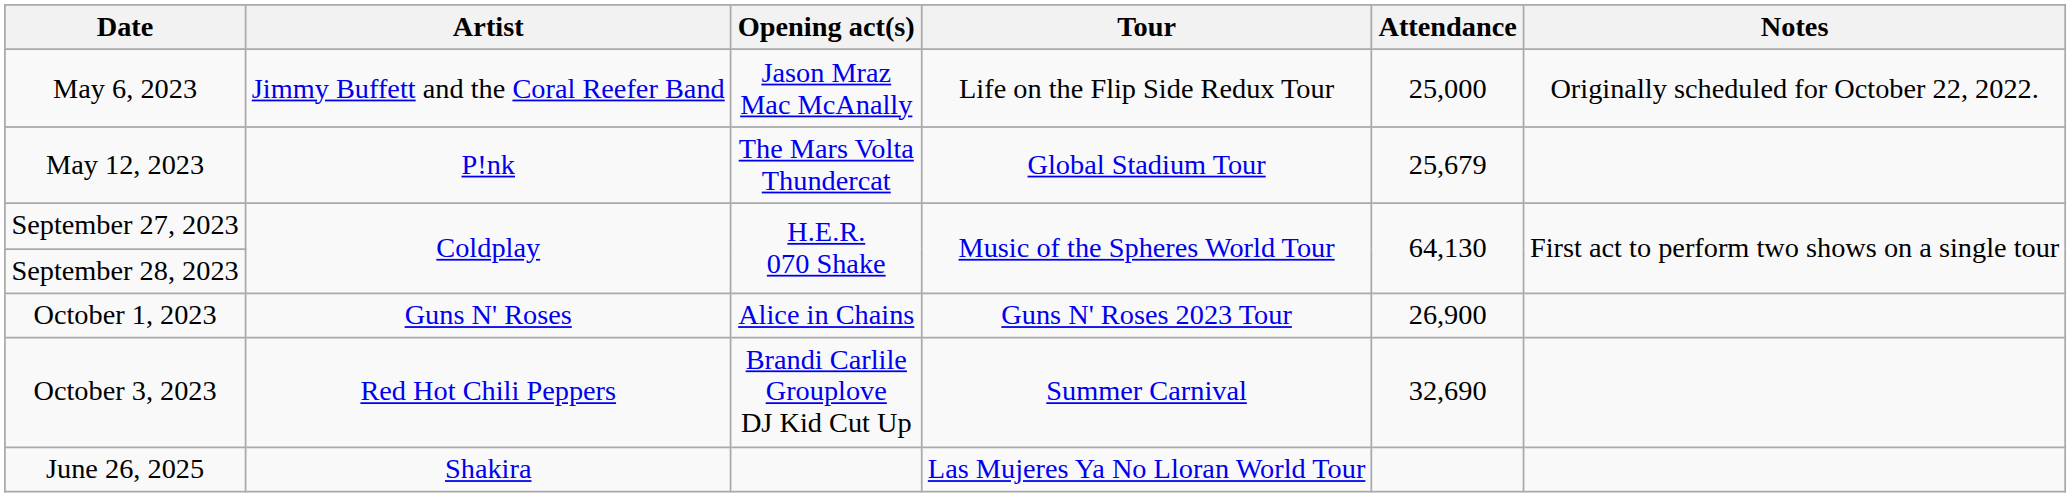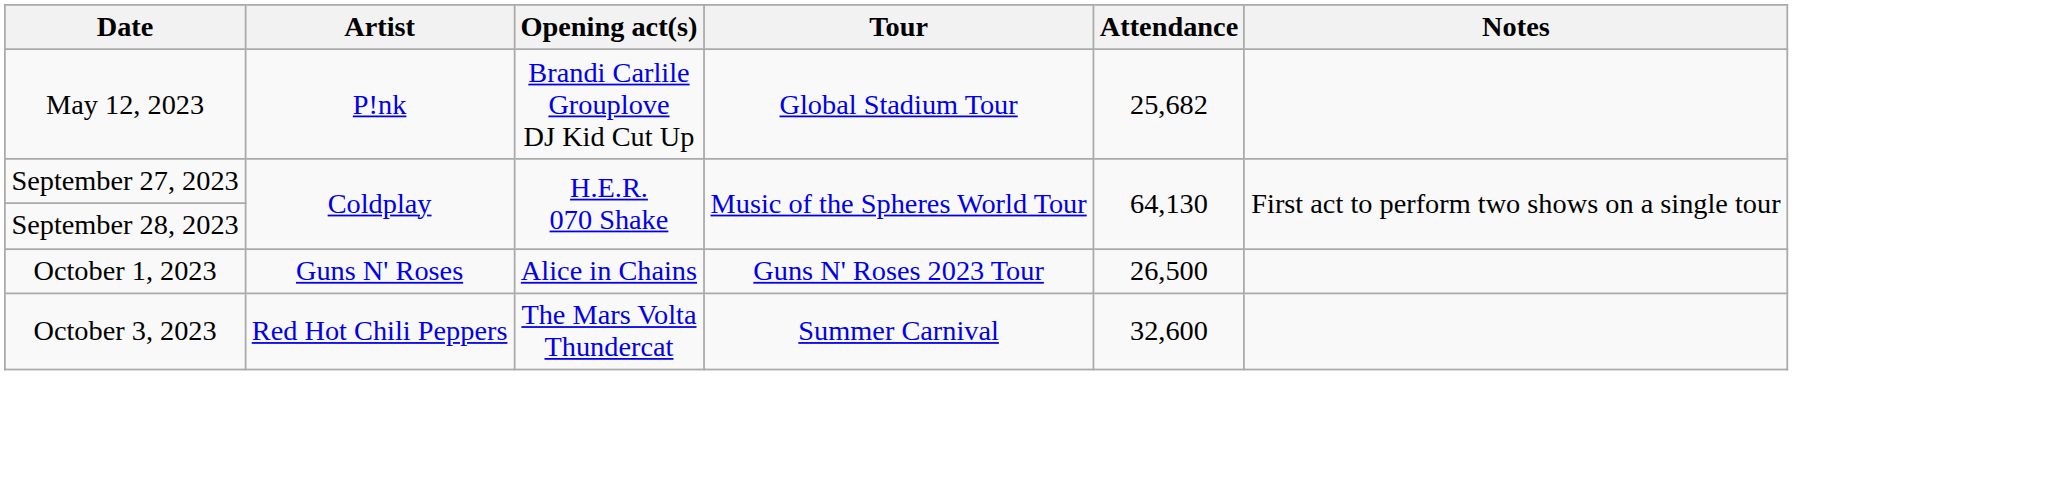 <table class="wikitable" style="text-align:center;">
 <tr>
 <th style="text-align:center;">Date</th>
 <th style="text-align:center;">Artist</th>
 <th style="text-align:center;">Opening act(s)</th>
 <th style="text-align:center;">Tour</th>
 <th style="text-align:center;">Attendance</th>
 <th style="text-align:center;">Notes</th>
 </tr>
 <tr>
-<td>May 6, 2023</td>
-<td><a href='#'>Jimmy Buffett</a> and the <a href='#'>Coral Reefer Band</a></td>
-<td><a href='#'>Jason Mraz</a><br><a href='#'>Mac McAnally</a></td>
-<td>Life on the Flip Side Redux Tour</td>
-<td>25,000</td>
-<td>Originally scheduled for October 22, 2022.</td>
-</tr>
-<tr>
 <td>May 12, 2023</td>
 <td><a href='#'>P!nk</a></td>
-<td><a href='#'>The Mars Volta</a><br><a href='#'>Thundercat</a></td>
+<td><a href='#'>Brandi Carlile</a><br><a href='#'>Grouplove</a><br>DJ Kid Cut Up</td>
 <td><a href='#'>Global Stadium Tour</a></td>
-<td>25,679</td>
+<td>25,682</td>
 <td></td>
 </tr>
 <tr>
 <td>September 27, 2023</td>
 <td rowspan="2"><a href='#'>Coldplay</a></td>
 <td rowspan="2"><a href='#'>H.E.R.</a><br><a href='#'>070 Shake</a></td>
 <td rowspan="2"><a href='#'>Music of the Spheres World Tour</a></td>
 <td rowspan="2">64,130</td>
 <td rowspan="2">First act to perform two shows on a single tour</td>
 </tr>
 <tr>
 <td>September 28, 2023</td>
 </tr>
 <tr>
 <td>October 1, 2023</td>
 <td><a href='#'>Guns N' Roses</a></td>
 <td><a href='#'>Alice in Chains</a></td>
 <td><a href='#'>Guns N' Roses 2023 Tour</a></td>
-<td>26,900</td>
+<td>26,500</td>
 <td></td>
 </tr>
 <tr>
 <td>October 3, 2023</td>
 <td><a href='#'>Red Hot Chili Peppers</a></td>
-<td><a href='#'>Brandi Carlile</a><br><a href='#'>Grouplove</a><br>DJ Kid Cut Up</td>
+<td><a href='#'>The Mars Volta</a><br><a href='#'>Thundercat</a></td>
 <td><a href='#'>Summer Carnival</a></td>
-<td>32,690</td>
-<td></td>
-</tr>
-<tr>
-<td>June 26, 2025</td>
-<td><a href='#'>Shakira</a></td>
-<td></td>
-<td><a href='#'>Las Mujeres Ya No Lloran World Tour</a></td>
-<td></td>
+<td>32,600</td>
 <td></td>
 </tr>
 </table>
